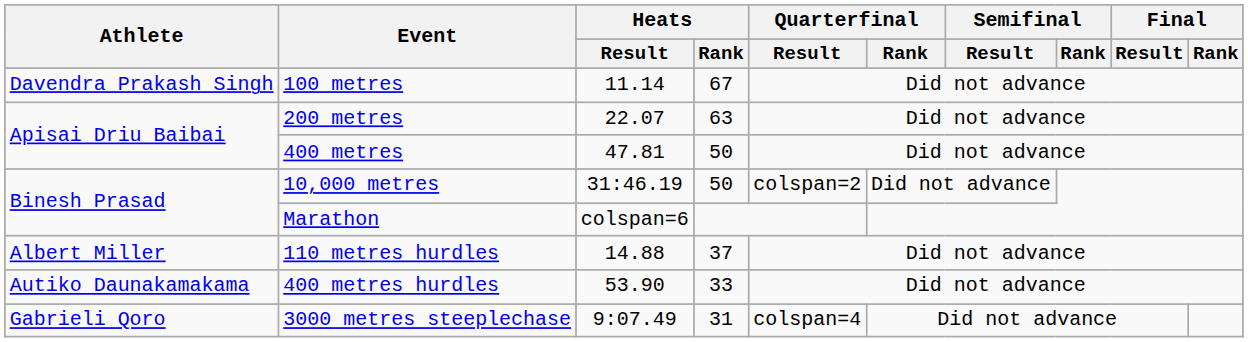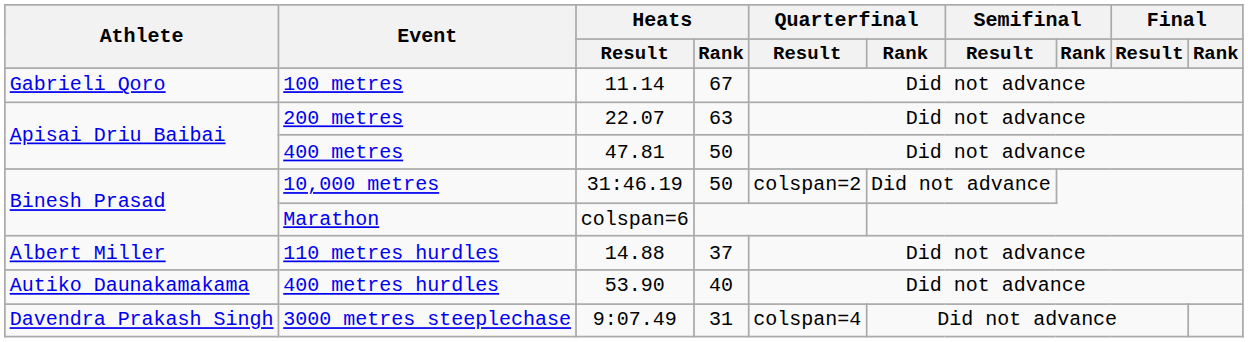 <table class="wikitable" style="font-size:90%">
 <tr>
 <th rowspan="2">Athlete</th>
 <th rowspan="2">Event</th>
 <th colspan="2">Heats</th>
 <th colspan="2">Quarterfinal</th>
 <th colspan="2">Semifinal</th>
 <th colspan="2">Final</th>
 </tr>
 <tr style="font-size:95%">
 <th>Result</th>
 <th>Rank</th>
 <th>Result</th>
 <th>Rank</th>
 <th>Result</th>
 <th>Rank</th>
 <th>Result</th>
 <th>Rank</th>
 </tr>
 <tr align=center>
-<td align=left><a href='#'>Davendra Prakash Singh</a></td>
+<td align=left><a href='#'>Gabrieli Qoro</a></td>
 <td align=left><a href='#'>100 metres</a></td>
 <td>11.14</td>
 <td>67</td>
 <td colspan=6>Did not advance</td>
 </tr>
 <tr align=center>
 <td align=left rowspan=2><a href='#'>Apisai Driu Baibai</a></td>
 <td align=left><a href='#'>200 metres</a></td>
 <td>22.07</td>
 <td>63</td>
 <td colspan=6>Did not advance</td>
 </tr>
 <tr align=center>
 <td align=left><a href='#'>400 metres</a></td>
 <td>47.81</td>
 <td>50</td>
 <td colspan=6>Did not advance</td>
 </tr>
 <tr align=center>
 <td align=left rowspan=2><a href='#'>Binesh Prasad</a></td>
 <td align=left><a href='#'>10,000 metres</a></td>
 <td>31:46.19</td>
 <td>50</td>
 <td>colspan=2</td>
 <td colspan=2>Did not advance</td>
 </tr>
 <tr align=center>
 <td align=left><a href='#'>Marathon</a></td>
 <td>colspan=6</td>
 <td colspan=2></td>
 </tr>
 <tr align=center>
 <td align=left><a href='#'>Albert Miller</a></td>
 <td align=left><a href='#'>110 metres hurdles</a></td>
 <td>14.88</td>
 <td>37</td>
 <td colspan=6>Did not advance</td>
 </tr>
 <tr align=center>
 <td align=left><a href='#'>Autiko Daunakamakama</a></td>
 <td align=left><a href='#'>400 metres hurdles</a></td>
 <td>53.90</td>
-<td>33</td>
+<td>40</td>
 <td colspan=6>Did not advance</td>
 </tr>
 <tr align=center>
-<td align=left><a href='#'>Gabrieli Qoro</a></td>
+<td align=left><a href='#'>Davendra Prakash Singh</a></td>
 <td align=left><a href='#'>3000 metres steeplechase</a></td>
 <td>9:07.49</td>
 <td>31</td>
 <td>colspan=4</td>
 <td colspan=4>Did not advance</td>
 </tr>
 </table>
